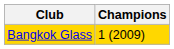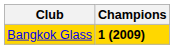 <table class="wikitable sortable" style="font-size: 95%;">
 <tr>
 <th>Club</th>
 <th>Champions</th>
 </tr>
 <tr ! style="background:gold;">
 <td><a href='#'>Bangkok Glass</a></td>
-<td>1 (2009)</td>
+<td><strong>1 (2009)</strong></td>
 </tr>
 </table>
